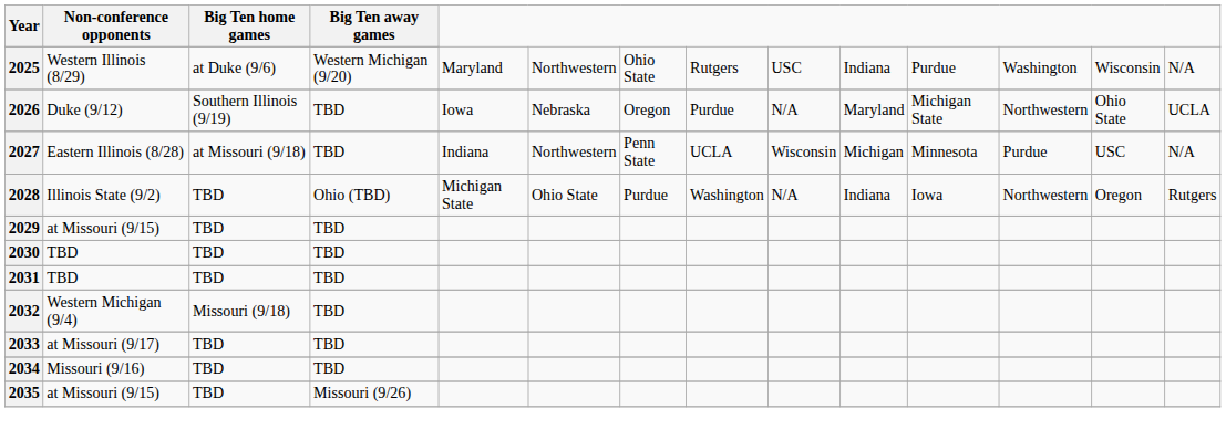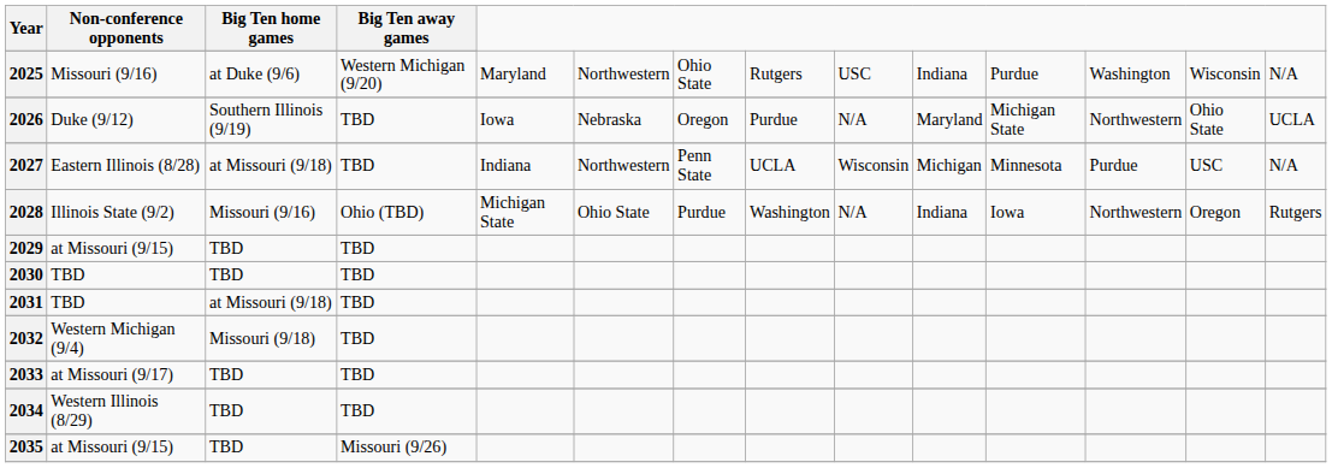 <table class="wikitable">
 <tr>
 <th style="background:#">Year</th>
 <th style="background:#">Non-conference opponents</th>
 <th style="background:#">Big Ten home games</th>
 <th style="background:#">Big Ten away games</th>
 </tr>
 <tr>
 </tr>
 <tr>
 <th style="background:#">2025</th>
-<td>Western Illinois (8/29)</td>
+<td>Missouri (9/16)</td>
 <td>at Duke (9/6)</td>
 <td>Western Michigan (9/20)</td>
 <td>Maryland</td>
 <td>Northwestern</td>
 <td>Ohio State</td>
 <td>Rutgers</td>
 <td>USC</td>
 <td>Indiana</td>
 <td>Purdue</td>
 <td>Washington</td>
 <td>Wisconsin</td>
 <td>N/A </td>
 </tr>
 <tr>
 </tr>
 <tr>
 <th style="background:#">2026</th>
 <td>Duke (9/12)</td>
 <td>Southern Illinois (9/19)</td>
 <td>TBD</td>
 <td>Iowa</td>
 <td>Nebraska</td>
 <td>Oregon</td>
 <td>Purdue</td>
 <td>N/A</td>
 <td>Maryland</td>
 <td>Michigan State</td>
 <td>Northwestern</td>
 <td>Ohio State</td>
 <td>UCLA</td>
 </tr>
 <tr>
 </tr>
 <tr>
 <th style="background:#">2027</th>
 <td>Eastern Illinois (8/28)</td>
 <td>at Missouri (9/18)</td>
 <td>TBD</td>
 <td>Indiana</td>
 <td>Northwestern</td>
 <td>Penn State</td>
 <td>UCLA</td>
 <td>Wisconsin</td>
 <td>Michigan</td>
 <td>Minnesota</td>
 <td>Purdue</td>
 <td>USC</td>
 <td>N/A</td>
 </tr>
 <tr>
 </tr>
 <tr>
 <th style="background:#">2028</th>
 <td>Illinois State (9/2)</td>
-<td>TBD</td>
+<td>Missouri (9/16)</td>
 <td>Ohio (TBD)</td>
 <td>Michigan State</td>
 <td>Ohio State</td>
 <td>Purdue</td>
 <td>Washington</td>
 <td>N/A</td>
 <td>Indiana</td>
 <td>Iowa</td>
 <td>Northwestern</td>
 <td>Oregon</td>
 <td>Rutgers</td>
 </tr>
 <tr>
 </tr>
 <tr>
 <th style="background:#">2029</th>
 <td>at Missouri (9/15)</td>
 <td>TBD</td>
 <td>TBD</td>
 <td></td>
 <td></td>
 <td></td>
 <td></td>
 <td></td>
 <td></td>
 <td></td>
 <td></td>
 <td></td>
 <td></td>
 </tr>
 <tr>
 </tr>
 <tr>
 <th style="background:#">2030</th>
 <td>TBD</td>
 <td>TBD</td>
 <td>TBD</td>
 <td></td>
 <td></td>
 <td></td>
 <td></td>
 <td></td>
 <td></td>
 <td></td>
 <td></td>
 <td></td>
 <td></td>
 </tr>
 <tr>
 </tr>
 <tr>
 <th style="background:#">2031</th>
 <td>TBD</td>
-<td>TBD</td>
+<td>at Missouri (9/18)</td>
 <td>TBD</td>
 <td></td>
 <td></td>
 <td></td>
 <td></td>
 <td></td>
 <td></td>
 <td></td>
 <td></td>
 <td></td>
 <td></td>
 </tr>
 <tr>
 </tr>
 <tr>
 <th style="background:#">2032</th>
 <td>Western Michigan (9/4)</td>
 <td>Missouri (9/18)</td>
 <td>TBD</td>
 <td></td>
 <td></td>
 <td></td>
 <td></td>
 <td></td>
 <td></td>
 <td></td>
 <td></td>
 <td></td>
 <td></td>
 </tr>
 <tr>
 </tr>
 <tr>
 <th style="background:#">2033</th>
 <td>at Missouri (9/17)</td>
 <td>TBD</td>
 <td>TBD</td>
 <td></td>
 <td></td>
 <td></td>
 <td></td>
 <td></td>
 <td></td>
 <td></td>
 <td></td>
 <td></td>
 <td></td>
 </tr>
 <tr>
 </tr>
 <tr>
 <th style="background:#">2034</th>
-<td>Missouri (9/16)</td>
+<td>Western Illinois (8/29)</td>
 <td>TBD</td>
 <td>TBD</td>
 <td></td>
 <td></td>
 <td></td>
 <td></td>
 <td></td>
 <td></td>
 <td></td>
 <td></td>
 <td></td>
 <td></td>
 </tr>
 <tr>
 </tr>
 <tr>
 <th style="background:#">2035</th>
 <td>at Missouri (9/15)</td>
 <td>TBD</td>
 <td>Missouri (9/26)</td>
 <td></td>
 <td></td>
 <td></td>
 <td></td>
 <td></td>
 <td></td>
 <td></td>
 <td></td>
 <td></td>
 <td></td>
 </tr>
 <tr>
 </tr>
 </table>
